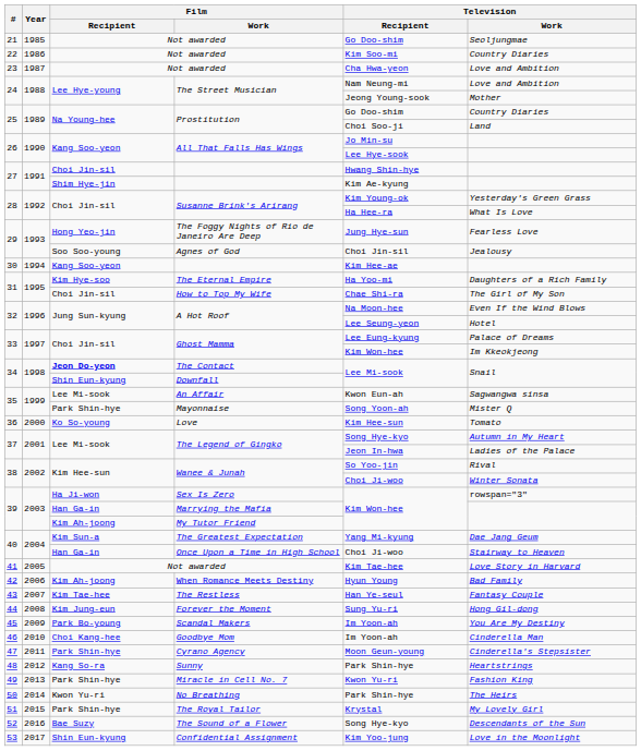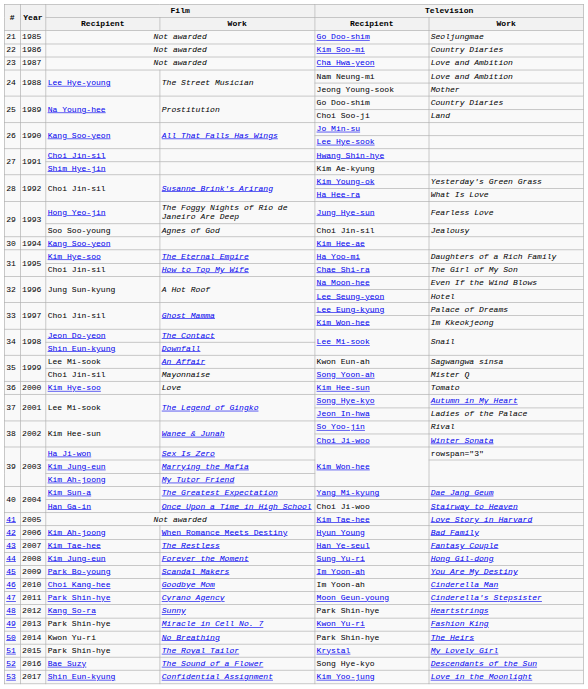 <table class="wikitable" style="width:74%;">
 <tr>
 <th rowspan="2" style="width:1%;">#</th>
 <th rowspan="2" style="width:1%;">Year</th>
 <th colspan="2" style="width:33%;">Film</th>
 <th colspan="2" style="width:33%;">Television</th>
 </tr>
 <tr>
 <th style="width:14%;">Recipient</th>
 <th style="width:19%;">Work</th>
 <th style="width:14%;">Recipient</th>
 <th style="width:19%;">Work</th>
 </tr>
 <tr>
 <td>21</td>
 <td>1985</td>
 <td colspan="2" style="text-align:center;"><em>Not awarded</em></td>
 <td><a href='#'>Go Doo-shim</a></td>
 <td><em>Seoljungmae</em></td>
 </tr>
 <tr>
 <td>22</td>
 <td>1986</td>
 <td colspan="2" style="text-align:center;"><em>Not awarded</em></td>
 <td><a href='#'>Kim Soo-mi</a></td>
 <td><em>Country Diaries</em></td>
 </tr>
 <tr>
 <td>23</td>
 <td>1987</td>
 <td colspan="2" style="text-align:center;"><em>Not awarded</em></td>
 <td><a href='#'>Cha Hwa-yeon</a></td>
 <td><em>Love and Ambition</em></td>
 </tr>
 <tr>
 <td rowspan="2">24</td>
 <td rowspan="2">1988</td>
 <td rowspan="2"><a href='#'>Lee Hye-young</a></td>
 <td rowspan="2"><em>The Street Musician</em></td>
 <td>Nam Neung-mi</td>
 <td><em>Love and Ambition</em></td>
 </tr>
 <tr>
 <td>Jeong Young-sook</td>
 <td><em>Mother</em></td>
 </tr>
 <tr>
 <td rowspan="2">25</td>
 <td rowspan="2">1989</td>
 <td rowspan="2"><a href='#'>Na Young-hee</a></td>
 <td rowspan="2"><em>Prostitution</em></td>
 <td>Go Doo-shim</td>
 <td><em>Country Diaries</em></td>
 </tr>
 <tr>
 <td>Choi Soo-ji</td>
 <td><em>Land</em></td>
 </tr>
 <tr>
 <td rowspan="2">26</td>
 <td rowspan="2">1990</td>
 <td rowspan="2"><a href='#'>Kang Soo-yeon</a></td>
 <td rowspan="2"><em><a href='#'>All That Falls Has Wings</a></em></td>
 <td><a href='#'>Jo Min-su</a></td>
 <td></td>
 </tr>
 <tr>
 <td><a href='#'>Lee Hye-sook</a></td>
 <td></td>
 </tr>
 <tr>
 <td rowspan="2">27</td>
 <td rowspan="2">1991</td>
 <td><a href='#'>Choi Jin-sil</a></td>
 <td></td>
 <td><a href='#'>Hwang Shin-hye</a></td>
 <td></td>
 </tr>
 <tr>
 <td><a href='#'>Shim Hye-jin</a></td>
 <td></td>
 <td>Kim Ae-kyung</td>
 <td></td>
 </tr>
 <tr>
 <td rowspan="2">28</td>
 <td rowspan="2">1992</td>
 <td rowspan="2">Choi Jin-sil</td>
 <td rowspan="2"><em><a href='#'>Susanne Brink's Arirang</a></em></td>
 <td><a href='#'>Kim Young-ok</a></td>
 <td><em>Yesterday's Green Grass</em></td>
 </tr>
 <tr>
 <td><a href='#'>Ha Hee-ra</a></td>
 <td><em>What Is Love</em></td>
 </tr>
 <tr>
 <td rowspan="2">29</td>
 <td rowspan="2">1993</td>
 <td><a href='#'>Hong Yeo-jin</a></td>
 <td><em>The Foggy Nights of Rio de Janeiro Are Deep</em></td>
 <td><a href='#'>Jung Hye-sun</a></td>
 <td><em>Fearless Love</em></td>
 </tr>
 <tr>
 <td>Soo Soo-young</td>
 <td><em>Agnes of God</em></td>
 <td>Choi Jin-sil</td>
 <td><em>Jealousy</em></td>
 </tr>
 <tr>
 <td>30</td>
 <td>1994</td>
 <td><a href='#'>Kang Soo-yeon</a></td>
 <td></td>
 <td><a href='#'>Kim Hee-ae</a></td>
 <td></td>
 </tr>
 <tr>
 <td rowspan="2">31</td>
 <td rowspan="2">1995</td>
 <td><a href='#'>Kim Hye-soo</a></td>
 <td><em><a href='#'>The Eternal Empire</a></em></td>
 <td><a href='#'>Ha Yoo-mi</a></td>
 <td><em>Daughters of a Rich Family</em></td>
 </tr>
 <tr>
 <td>Choi Jin-sil</td>
 <td><em><a href='#'>How to Top My Wife</a></em></td>
 <td><a href='#'>Chae Shi-ra</a></td>
 <td><em>The Girl of My Son</em></td>
 </tr>
 <tr>
 <td rowspan="2">32</td>
 <td rowspan="2">1996</td>
 <td rowspan="2">Jung Sun-kyung</td>
 <td rowspan="2"><em>A Hot Roof</em></td>
 <td><a href='#'>Na Moon-hee</a></td>
 <td><em>Even If the Wind Blows</em></td>
 </tr>
 <tr>
 <td><a href='#'>Lee Seung-yeon</a></td>
 <td><em>Hotel</em></td>
 </tr>
 <tr>
 <td rowspan="2">33</td>
 <td rowspan="2">1997</td>
 <td rowspan="2">Choi Jin-sil</td>
 <td rowspan="2"><em><a href='#'>Ghost Mamma</a></em></td>
 <td><a href='#'>Lee Eung-kyung</a></td>
 <td><em>Palace of Dreams</em></td>
 </tr>
 <tr>
 <td><a href='#'>Kim Won-hee</a></td>
 <td><em>Im Kkeokjeong</em></td>
 </tr>
 <tr>
 <td rowspan="2">34</td>
 <td rowspan="2">1998</td>
-<td><strong><a href='#'>Jeon Do-yeon</a></strong></td>
+<td><a href='#'>Jeon Do-yeon</a></td>
 <td><em><a href='#'>The Contact</a></em></td>
 <td rowspan="2"><a href='#'>Lee Mi-sook</a></td>
 <td rowspan="2"><em>Snail</em></td>
 </tr>
 <tr>
 <td><a href='#'>Shin Eun-kyung</a></td>
 <td><em><a href='#'>Downfall</a></em></td>
 </tr>
 <tr>
 <td rowspan="2">35</td>
 <td rowspan="2">1999</td>
 <td>Lee Mi-sook</td>
 <td><em><a href='#'>An Affair</a></em></td>
 <td>Kwon Eun-ah</td>
 <td><em>Sagwangwa sinsa</em></td>
 </tr>
 <tr>
-<td>Park Shin-hye</td>
+<td>Choi Jin-sil</td>
 <td><em>Mayonnaise</em></td>
 <td><a href='#'>Song Yoon-ah</a></td>
 <td><em>Mister Q</em></td>
 </tr>
 <tr>
 <td>36</td>
 <td>2000</td>
-<td><a href='#'>Ko So-young</a></td>
+<td><a href='#'>Kim Hye-soo</a></td>
 <td><em>Love</em></td>
 <td><a href='#'>Kim Hee-sun</a></td>
 <td><em>Tomato</em></td>
 </tr>
 <tr>
 <td rowspan="2">37</td>
 <td rowspan="2">2001</td>
 <td rowspan="2">Lee Mi-sook</td>
 <td rowspan="2"><em><a href='#'>The Legend of Gingko</a></em></td>
 <td><a href='#'>Song Hye-kyo</a></td>
 <td><em><a href='#'>Autumn in My Heart</a></em></td>
 </tr>
 <tr>
 <td><a href='#'>Jeon In-hwa</a></td>
 <td><em>Ladies of the Palace</em></td>
 </tr>
 <tr>
 <td rowspan="2">38</td>
 <td rowspan="2">2002</td>
 <td rowspan="2">Kim Hee-sun</td>
 <td rowspan="2"><em><a href='#'>Wanee & Junah</a></em></td>
 <td><a href='#'>So Yoo-jin</a></td>
 <td><em>Rival</em></td>
 </tr>
 <tr>
 <td><a href='#'>Choi Ji-woo</a></td>
 <td><em><a href='#'>Winter Sonata</a></em></td>
 </tr>
 <tr>
 <td rowspan="3">39</td>
 <td rowspan="3">2003</td>
 <td><a href='#'>Ha Ji-won</a></td>
 <td><em><a href='#'>Sex Is Zero</a></em></td>
 <td rowspan="3"><a href='#'>Kim Won-hee</a></td>
 <td>rowspan="3" </td>
 </tr>
 <tr>
-<td><a href='#'>Han Ga-in</a></td>
+<td><a href='#'>Kim Jung-eun</a></td>
 <td><em><a href='#'>Marrying the Mafia</a></em></td>
 </tr>
 <tr>
 <td><a href='#'>Kim Ah-joong</a></td>
 <td><em><a href='#'>My Tutor Friend</a></em></td>
 </tr>
 <tr>
 <td rowspan="2">40</td>
 <td rowspan="2">2004</td>
 <td><a href='#'>Kim Sun-a</a></td>
 <td><em><a href='#'>The Greatest Expectation</a></em></td>
 <td><a href='#'>Yang Mi-kyung</a></td>
 <td><em><a href='#'>Dae Jang Geum</a></em></td>
 </tr>
 <tr>
 <td><a href='#'>Han Ga-in</a></td>
 <td><em><a href='#'>Once Upon a Time in High School</a></em></td>
 <td>Choi Ji-woo</td>
 <td><em><a href='#'>Stairway to Heaven</a></em></td>
 </tr>
 <tr>
 <td><a href='#'>41</a></td>
 <td>2005</td>
 <td colspan="2" style="text-align:center;"><em>Not awarded</em></td>
 <td><a href='#'>Kim Tae-hee</a></td>
 <td><em><a href='#'>Love Story in Harvard</a></em></td>
 </tr>
 <tr>
 <td><a href='#'>42</a></td>
 <td>2006</td>
 <td><a href='#'>Kim Ah-joong</a></td>
 <td><a href='#'>When Romance Meets Destiny</a></td>
 <td><a href='#'>Hyun Young</a></td>
 <td><em><a href='#'>Bad Family</a></em></td>
 </tr>
 <tr>
 <td><a href='#'>43</a></td>
 <td>2007</td>
 <td><a href='#'>Kim Tae-hee</a></td>
 <td><em><a href='#'>The Restless</a></em></td>
 <td><a href='#'>Han Ye-seul</a></td>
 <td><em><a href='#'>Fantasy Couple</a></em></td>
 </tr>
 <tr>
 <td><a href='#'>44</a></td>
 <td>2008</td>
 <td><a href='#'>Kim Jung-eun</a></td>
 <td><em><a href='#'>Forever the Moment</a></em></td>
 <td><a href='#'>Sung Yu-ri</a></td>
 <td><em><a href='#'>Hong Gil-dong</a></em></td>
 </tr>
 <tr>
 <td><a href='#'>45</a></td>
 <td>2009</td>
 <td><a href='#'>Park Bo-young</a></td>
 <td><em><a href='#'>Scandal Makers</a></em></td>
 <td><a href='#'>Im Yoon-ah</a></td>
 <td><em><a href='#'>You Are My Destiny</a></em></td>
 </tr>
 <tr>
 <td><a href='#'>46</a></td>
 <td>2010</td>
 <td><a href='#'>Choi Kang-hee</a></td>
 <td><em><a href='#'>Goodbye Mom</a></em></td>
 <td>Im Yoon-ah</td>
 <td><em><a href='#'>Cinderella Man</a></em></td>
 </tr>
 <tr>
 <td><a href='#'>47</a></td>
 <td>2011</td>
 <td><a href='#'>Park Shin-hye</a></td>
 <td><em><a href='#'>Cyrano Agency</a></em></td>
 <td><a href='#'>Moon Geun-young</a></td>
 <td><em><a href='#'>Cinderella's Stepsister</a></em></td>
 </tr>
 <tr>
 <td><a href='#'>48</a></td>
 <td>2012</td>
 <td><a href='#'>Kang So-ra</a></td>
 <td><em><a href='#'>Sunny</a></em></td>
 <td>Park Shin-hye</td>
 <td><em><a href='#'>Heartstrings</a></em></td>
 </tr>
 <tr>
 <td><a href='#'>49</a></td>
 <td>2013</td>
 <td>Park Shin-hye</td>
 <td><em><a href='#'>Miracle in Cell No. 7</a></em></td>
 <td><a href='#'>Kwon Yu-ri</a></td>
 <td><em><a href='#'>Fashion King</a></em></td>
 </tr>
 <tr>
 <td><a href='#'>50</a></td>
 <td>2014</td>
 <td>Kwon Yu-ri</td>
 <td><em><a href='#'>No Breathing</a></em></td>
 <td>Park Shin-hye</td>
 <td><em><a href='#'>The Heirs</a></em></td>
 </tr>
 <tr>
 <td><a href='#'>51</a></td>
 <td>2015</td>
 <td>Park Shin-hye</td>
 <td><em><a href='#'>The Royal Tailor</a></em></td>
 <td><a href='#'>Krystal</a></td>
 <td><em><a href='#'>My Lovely Girl</a></em></td>
 </tr>
 <tr>
 <td><a href='#'>52</a></td>
 <td>2016</td>
 <td><a href='#'>Bae Suzy</a></td>
 <td><em><a href='#'>The Sound of a Flower</a></em></td>
 <td>Song Hye-kyo</td>
 <td><em><a href='#'>Descendants of the Sun</a></em></td>
 </tr>
 <tr>
 <td><a href='#'>53</a></td>
 <td>2017</td>
 <td><a href='#'>Shin Eun-kyung</a></td>
 <td><em><a href='#'>Confidential Assignment</a></em></td>
 <td><a href='#'>Kim Yoo-jung</a></td>
 <td><em><a href='#'>Love in the Moonlight</a></em></td>
 </tr>
 </table>
